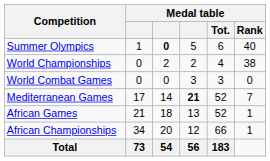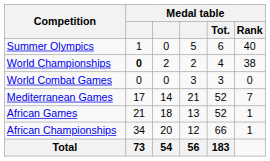 <table class="wikitable" width=40% style="font-size:90%; text-align:center;">
 <tr>
 <th rowspan=2>Competition</th>
 <th colspan=5>Medal table</th>
 </tr>
 <tr>
 <th width=30></th>
 <th width=30></th>
 <th width=30></th>
 <th width=30>Tot.</th>
 <th width=30>Rank</th>
 </tr>
 <tr>
 <td align=left><a href='#'>Summer Olympics</a></td>
 <td>1</td>
-<td><strong>0</strong></td>
+<td>0</td>
 <td>5</td>
 <td>6</td>
 <td>40</td>
 </tr>
 <tr>
 <td align=left><a href='#'>World Championships</a></td>
-<td>0</td>
+<td><strong>0</strong></td>
 <td>2</td>
 <td>2</td>
 <td>4</td>
 <td>38</td>
 </tr>
 <tr>
 <td align=left><a href='#'>World Combat Games</a></td>
 <td>0</td>
 <td>0</td>
 <td>3</td>
 <td>3</td>
 <td>0</td>
 </tr>
 <tr>
 <td align=left><a href='#'>Mediterranean Games</a></td>
 <td>17</td>
 <td>14</td>
-<td><strong>21</strong></td>
+<td>21</td>
 <td>52</td>
 <td>7</td>
 </tr>
 <tr>
 <td align=left><a href='#'>African Games</a></td>
 <td>21</td>
 <td>18</td>
 <td>13</td>
 <td>52</td>
 <td>1</td>
 </tr>
 <tr>
 <td align=left><a href='#'>African Championships</a></td>
 <td>34</td>
 <td>20</td>
 <td>12</td>
 <td>66</td>
 <td>1</td>
 </tr>
 <tr>
 <th align=center>Total</th>
 <th>73</th>
 <th>54</th>
 <th>56</th>
 <th>183</th>
 </tr>
 </table>
